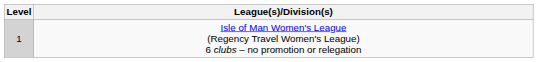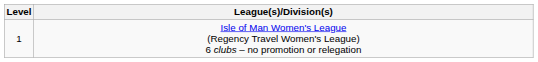 <table class="wikitable" style="text-align: center;">
 <tr>
 <th colspan="1" width="4%">Level</th>
 <th colspan="6" width="96%">League(s)/Division(s)</th>
 </tr>
 <tr>
-<td colspan="1" width="4%" style="background: lightgrey;">1</td>
+<td colspan="1" width="4%">1</td>
 <td colspan="6" width="96%"><a href='#'>Isle of Man Women's League</a><br>(Regency Travel Women's League)<br>6 <em>clubs</em> – no promotion or relegation</td>
 </tr>
 </table>
